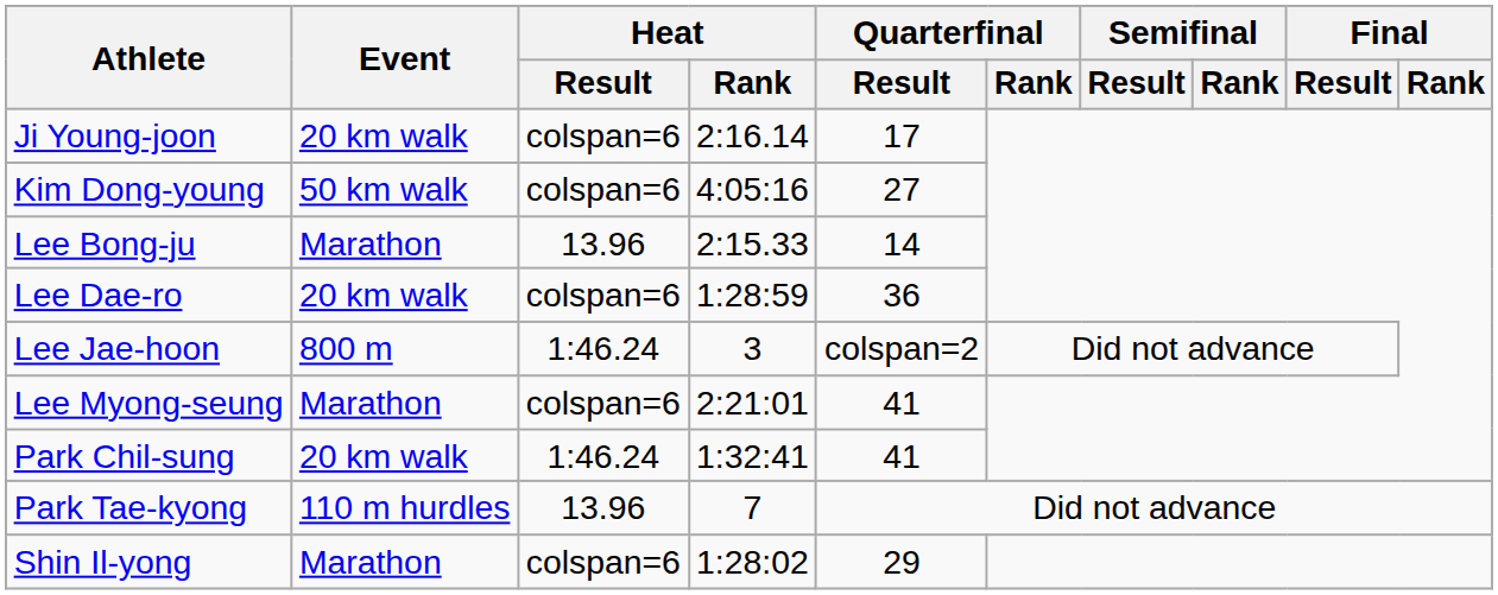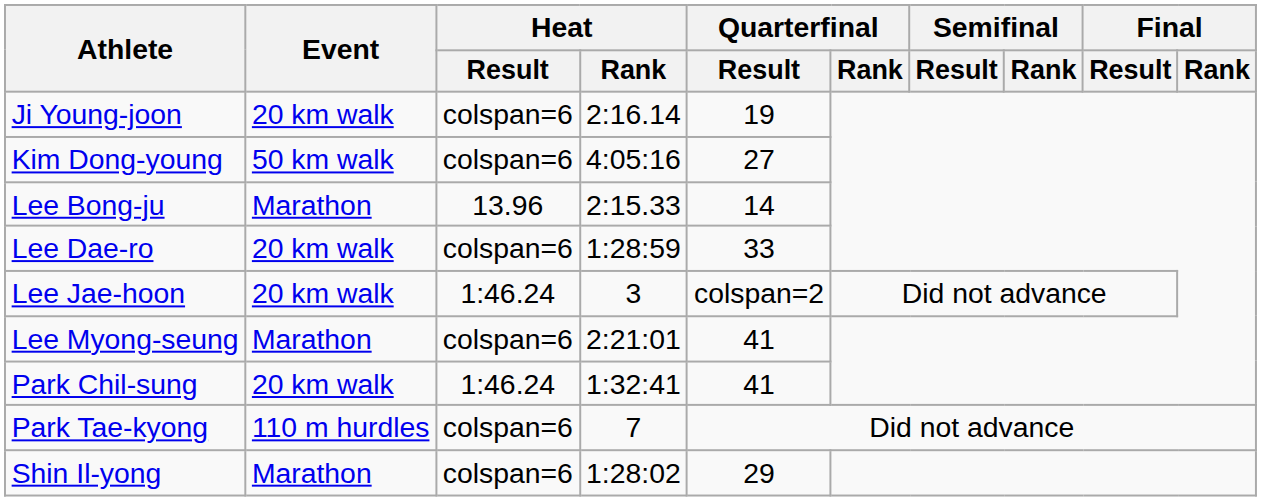 <table class=wikitable style="font-size:90%">
 <tr>
 <th rowspan="2">Athlete</th>
 <th rowspan="2">Event</th>
 <th colspan="2">Heat</th>
 <th colspan="2">Quarterfinal</th>
 <th colspan="2">Semifinal</th>
 <th colspan="2">Final</th>
 </tr>
 <tr style="font-size:95%">
 <th>Result</th>
 <th>Rank</th>
 <th>Result</th>
 <th>Rank</th>
 <th>Result</th>
 <th>Rank</th>
 <th>Result</th>
 <th>Rank</th>
 </tr>
 <tr align=center>
 <td align=left><a href='#'>Ji Young-joon</a></td>
 <td align=left><a href='#'>20 km walk</a></td>
 <td>colspan=6 </td>
 <td>2:16.14</td>
-<td>17</td>
+<td>19</td>
 </tr>
 <tr align=center>
 <td align=left><a href='#'>Kim Dong-young</a></td>
 <td align=left><a href='#'>50 km walk</a></td>
 <td>colspan=6 </td>
 <td>4:05:16</td>
 <td>27</td>
 </tr>
 <tr align=center>
 <td align=left><a href='#'>Lee Bong-ju</a></td>
 <td align=left><a href='#'>Marathon</a></td>
 <td>13.96</td>
 <td>2:15.33</td>
 <td>14</td>
 </tr>
 <tr align=center>
 <td align=left><a href='#'>Lee Dae-ro</a></td>
 <td align=left><a href='#'>20 km walk</a></td>
 <td>colspan=6 </td>
 <td>1:28:59</td>
-<td>36</td>
+<td>33</td>
 </tr>
 <tr align=center>
 <td align=left><a href='#'>Lee Jae-hoon</a></td>
-<td align=left><a href='#'>800 m</a></td>
+<td align=left><a href='#'>20 km walk</a></td>
 <td>1:46.24</td>
 <td>3</td>
 <td>colspan=2 </td>
 <td colspan=4>Did not advance</td>
 </tr>
 <tr align=center>
 <td align=left><a href='#'>Lee Myong-seung</a></td>
 <td align=left><a href='#'>Marathon</a></td>
 <td>colspan=6 </td>
 <td>2:21:01</td>
 <td>41</td>
 </tr>
 <tr align=center>
 <td align=left><a href='#'>Park Chil-sung</a></td>
 <td align=left><a href='#'>20 km walk</a></td>
 <td>1:46.24</td>
 <td>1:32:41</td>
 <td>41</td>
 </tr>
 <tr align=center>
 <td align=left><a href='#'>Park Tae-kyong</a></td>
 <td align=left><a href='#'>110 m hurdles</a></td>
-<td>13.96</td>
+<td>colspan=6 </td>
 <td>7</td>
 <td colspan=6>Did not advance</td>
 </tr>
 <tr align=center>
 <td align=left><a href='#'>Shin Il-yong</a></td>
 <td align=left><a href='#'>Marathon</a></td>
 <td>colspan=6 </td>
 <td>1:28:02</td>
 <td>29</td>
 </tr>
 </table>
